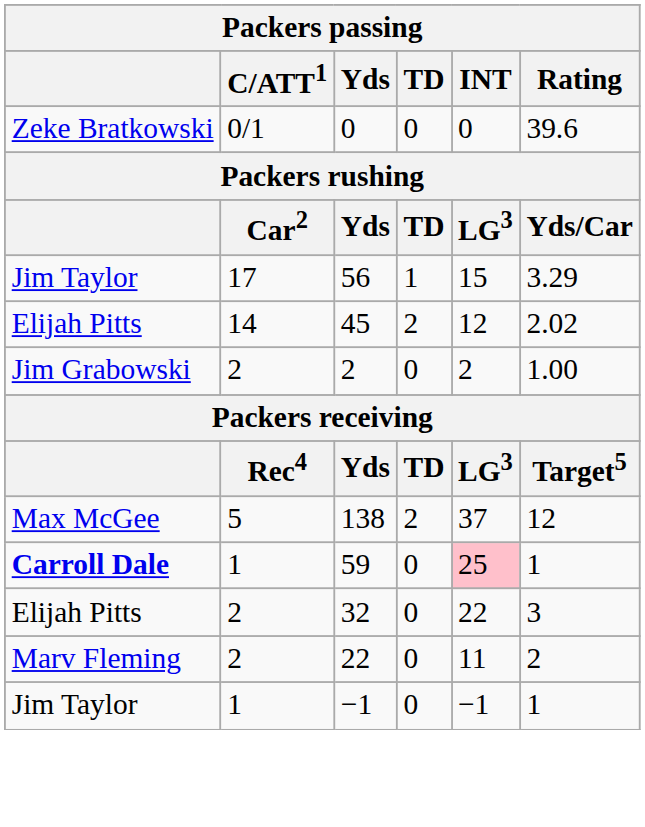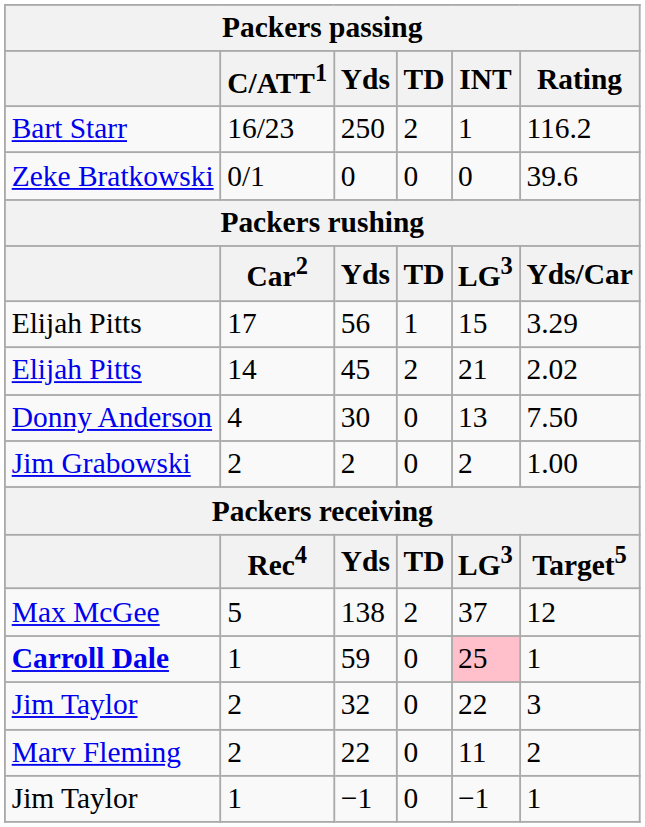 <table class="wikitable">
 <tr>
 <th colspan="6">Packers passing</th>
 </tr>
 <tr>
 <th></th>
 <th>C/ATT<sup>1</sup></th>
 <th>Yds</th>
 <th>TD</th>
 <th>INT</th>
 <th>Rating</th>
+</tr>
+<tr>
+<td><a href='#'>Bart Starr</a></td>
+<td>16/23</td>
+<td>250</td>
+<td>2</td>
+<td>1</td>
+<td>116.2</td>
 </tr>
 <tr>
 <td><a href='#'>Zeke Bratkowski</a></td>
 <td>0/1</td>
 <td>0</td>
 <td>0</td>
 <td>0</td>
 <td>39.6</td>
 </tr>
 <tr>
 <th colspan="6">Packers rushing</th>
 </tr>
 <tr>
 <th></th>
 <th>Car<sup>2</sup></th>
 <th>Yds</th>
 <th>TD</th>
 <th>LG<sup>3</sup></th>
 <th>Yds/Car</th>
 </tr>
 <tr>
-<td><a href='#'>Jim Taylor</a></td>
+<td>Elijah Pitts</td>
 <td>17</td>
 <td>56</td>
 <td>1</td>
 <td>15</td>
 <td>3.29</td>
 </tr>
 <tr>
 <td><a href='#'>Elijah Pitts</a></td>
 <td>14</td>
 <td>45</td>
 <td>2</td>
-<td>12</td>
+<td>21</td>
 <td>2.02</td>
+</tr>
+<tr>
+<td><a href='#'>Donny Anderson</a></td>
+<td>4</td>
+<td>30</td>
+<td>0</td>
+<td>13</td>
+<td>7.50</td>
 </tr>
 <tr>
 <td><a href='#'>Jim Grabowski</a></td>
 <td>2</td>
 <td>2</td>
 <td>0</td>
 <td>2</td>
 <td>1.00</td>
 </tr>
 <tr>
 <th colspan="6">Packers receiving</th>
 </tr>
 <tr>
 <th></th>
 <th>Rec<sup>4</sup></th>
 <th>Yds</th>
 <th>TD</th>
 <th>LG<sup>3</sup></th>
 <th>Target<sup>5</sup></th>
 </tr>
 <tr>
 <td><a href='#'>Max McGee</a></td>
 <td>5</td>
 <td>138</td>
 <td>2</td>
 <td>37</td>
 <td>12</td>
 </tr>
 <tr>
 <td><strong><a href='#'>Carroll Dale</a></strong></td>
 <td>1</td>
 <td>59</td>
 <td>0</td>
 <td style="background: pink;">25</td>
 <td>1</td>
 </tr>
 <tr>
-<td>Elijah Pitts</td>
+<td><a href='#'>Jim Taylor</a></td>
 <td>2</td>
 <td>32</td>
 <td>0</td>
 <td>22</td>
 <td>3</td>
 </tr>
 <tr>
 <td><a href='#'>Marv Fleming</a></td>
 <td>2</td>
 <td>22</td>
 <td>0</td>
 <td>11</td>
 <td>2</td>
 </tr>
 <tr>
 <td>Jim Taylor</td>
 <td>1</td>
 <td>−1</td>
 <td>0</td>
 <td>−1</td>
 <td>1</td>
 </tr>
 </table>
